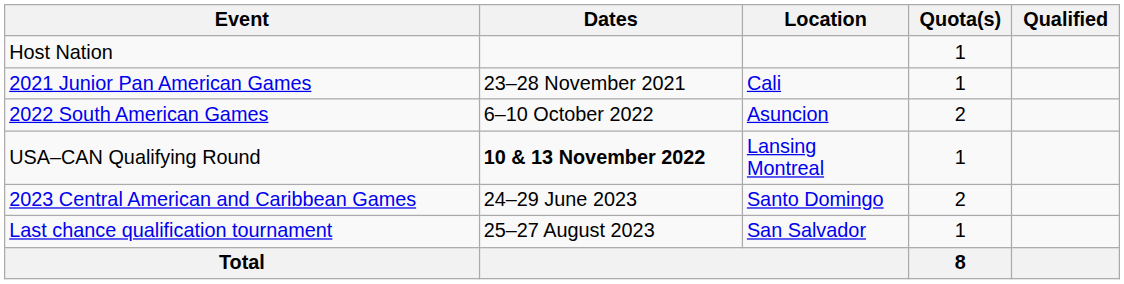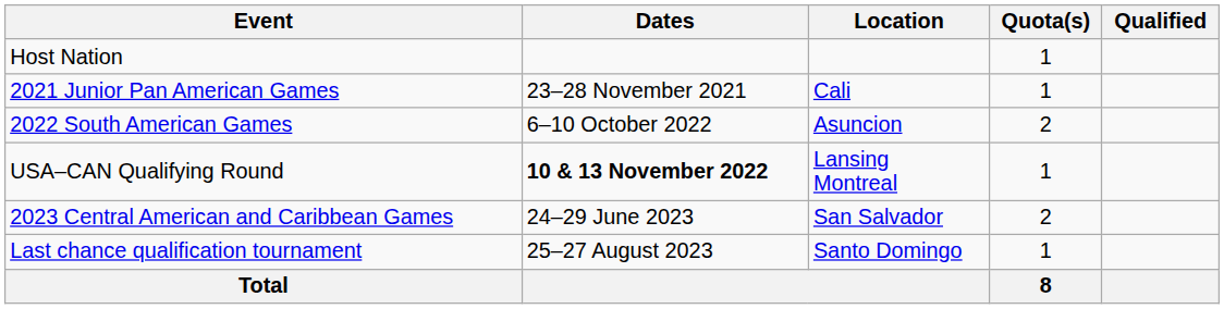 <table class="wikitable" width=900>
 <tr>
 <th>Event</th>
 <th>Dates</th>
 <th>Location</th>
 <th>Quota(s)</th>
 <th>Qualified</th>
 </tr>
 <tr>
 <td>Host Nation</td>
 <td></td>
 <td></td>
 <td align=center>1</td>
 <td></td>
 </tr>
 <tr>
 <td><a href='#'>2021 Junior Pan American Games</a></td>
 <td>23–28 November 2021</td>
 <td> <a href='#'>Cali</a></td>
 <td align=center>1</td>
 <td></td>
 </tr>
 <tr>
 <td><a href='#'>2022 South American Games</a></td>
 <td>6–10 October 2022</td>
 <td> <a href='#'>Asuncion</a></td>
 <td align=center>2</td>
 <td><br></td>
 </tr>
 <tr>
 <td>USA–CAN Qualifying Round</td>
 <td><strong>10 & 13 November 2022</strong></td>
 <td> <a href='#'>Lansing</a><br> <a href='#'>Montreal</a></td>
 <td align=center>1</td>
 <td></td>
 </tr>
 <tr>
 <td><a href='#'>2023 Central American and Caribbean Games</a></td>
 <td>24–29 June 2023</td>
-<td> <a href='#'>Santo Domingo</a></td>
+<td> <a href='#'>San Salvador</a></td>
 <td align=center>2</td>
 <td><br></td>
 </tr>
 <tr>
 <td><a href='#'>Last chance qualification tournament</a></td>
 <td>25–27 August 2023</td>
-<td> <a href='#'>San Salvador</a></td>
+<td> <a href='#'>Santo Domingo</a></td>
 <td align=center>1</td>
 <td></td>
 </tr>
 <tr>
 <th>Total</th>
 <th colspan="2"></th>
 <th>8</th>
 <th></th>
 </tr>
 </table>
